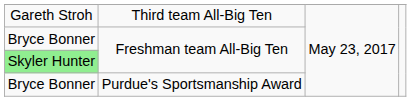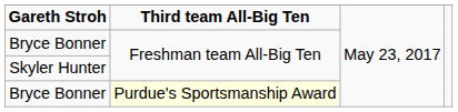 <table class="wikitable sortable" style="text-align: center">
 <tr align=center>
 </tr>
 <tr>
-<td>Gareth Stroh</td>
-<td rowspan="1">Third team All-Big Ten</td>
+<td><strong>Gareth Stroh</strong></td>
+<td rowspan="1"><strong>Third team All-Big Ten</strong></td>
 <td rowspan="4">May 23, 2017</td>
 <td rowspan="4"></td>
 </tr>
 <tr>
 <td>Bryce Bonner</td>
 <td rowspan="2">Freshman team All-Big Ten</td>
 </tr>
 <tr>
-<td style="background: lightgreen;">Skyler Hunter</td>
+<td>Skyler Hunter</td>
 </tr>
 <tr>
 <td>Bryce Bonner</td>
-<td rowspan="1">Purdue's Sportsmanship Award</td>
+<td rowspan="1" style="background: lightyellow;">Purdue's Sportsmanship Award</td>
 </tr>
 </table>
